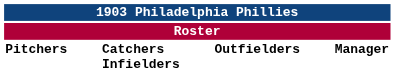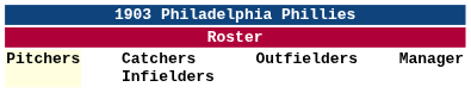 <table class="toccolours" style="font-size: 95%;">
 <tr>
 <th colspan="10" style="background-color: #0f437c; color: white; text-align: center;">1903 Philadelphia Phillies</th>
 </tr>
 <tr>
 <td colspan="10" style="background-color: #af0039; color: white; text-align: center;"><strong>Roster</strong></td>
 </tr>
 <tr>
-<td valign="top"><strong>Pitchers</strong><br>        </td>
+<td valign="top" style="background: lightyellow;"><strong>Pitchers</strong><br>        </td>
 <td width="25px"></td>
 <td valign="top"><strong>Catchers</strong><br>   <strong>Infielders</strong>       </td>
 <td width="25px"></td>
 <td valign="top"><strong>Outfielders</strong><br>    </td>
 <td width="25px"></td>
 <td valign="top"><strong>Manager</strong><br></td>
 </tr>
 </table>
